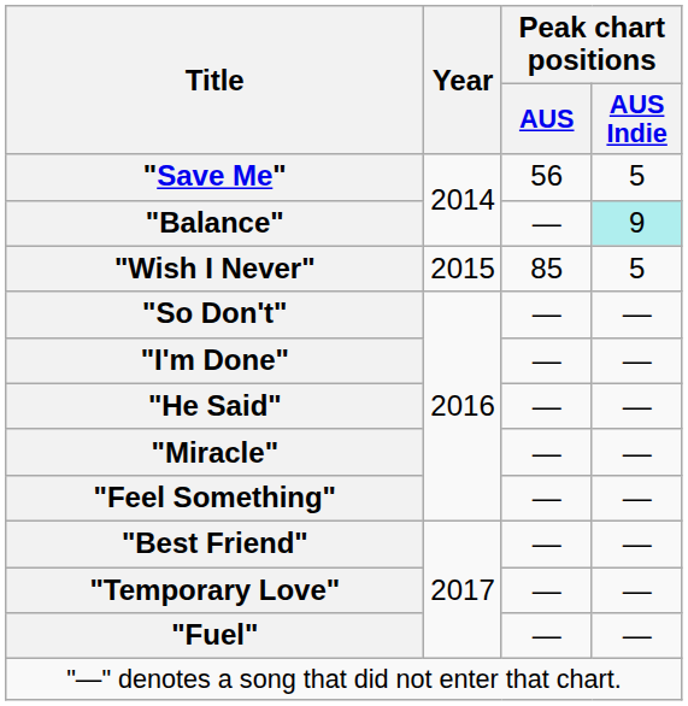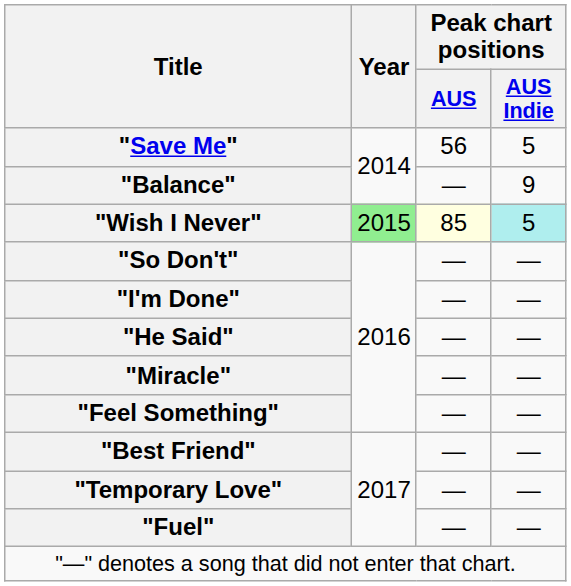 <table class="wikitable plainrowheaders" style="text-align:center;" border="1">
 <tr>
 <th scope="col" rowspan="2" style="width:14em;">Title</th>
 <th scope="col" rowspan="2">Year</th>
 <th scope="col" colspan="2">Peak chart positions</th>
 </tr>
 <tr>
 <th scope="col" style="width:3em;font-size:90%;"><a href='#'>AUS</a><br></th>
 <th scope="col" style="width:3em;font-size:90%;"><a href='#'>AUS<br>Indie</a><br></th>
 </tr>
 <tr>
 <th scope="row">"<a href='#'>Save Me</a>"</th>
 <td rowspan="2">2014</td>
 <td>56</td>
 <td>5</td>
 </tr>
 <tr>
 <th scope="row">"Balance"</th>
 <td>—</td>
-<td style="background: paleturquoise;">9</td>
+<td>9</td>
 </tr>
 <tr>
 <th scope="row">"Wish I Never"</th>
-<td>2015</td>
-<td>85</td>
-<td>5</td>
+<td style="background: lightgreen;">2015</td>
+<td style="background: lightyellow;">85</td>
+<td style="background: paleturquoise;">5</td>
 </tr>
 <tr>
 <th scope="row">"So Don't"</th>
 <td rowspan="5">2016</td>
 <td>—</td>
 <td>—</td>
 </tr>
 <tr>
 <th scope="row">"I'm Done"</th>
 <td>—</td>
 <td>—</td>
 </tr>
 <tr>
 <th scope="row">"He Said"</th>
 <td>—</td>
 <td>—</td>
 </tr>
 <tr>
 <th scope="row">"Miracle"</th>
 <td>—</td>
 <td>—</td>
 </tr>
 <tr>
 <th scope="row">"Feel Something"</th>
 <td>—</td>
 <td>—</td>
 </tr>
 <tr>
 <th scope="row">"Best Friend"</th>
 <td rowspan="3">2017</td>
 <td>—</td>
 <td>—</td>
 </tr>
 <tr>
 <th scope="row">"Temporary Love"</th>
 <td>—</td>
 <td>—</td>
 </tr>
 <tr>
 <th scope="row">"Fuel"</th>
 <td>—</td>
 <td>—</td>
 </tr>
 <tr>
 <td colspan="4" style="font-size:90%">"—" denotes a song that did not enter that chart.</td>
 </tr>
 </table>
